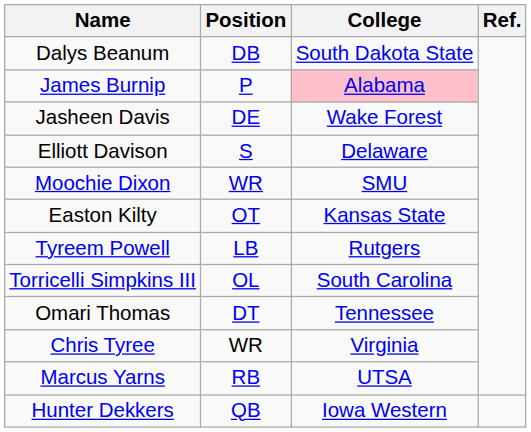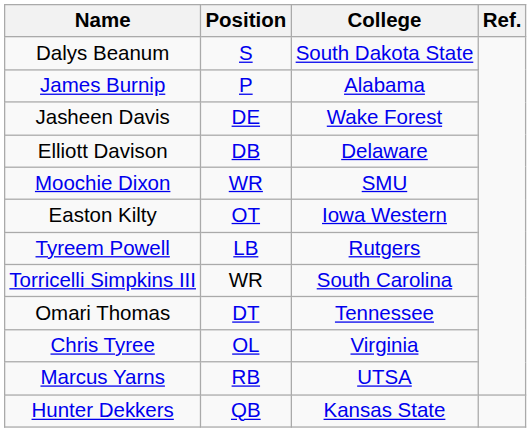 <table class="wikitable" style="text-align:center">
 <tr>
 <th>Name</th>
 <th>Position</th>
 <th>College</th>
 <th>Ref.</th>
 </tr>
 <tr>
 <td>Dalys Beanum</td>
-<td><a href='#'>DB</a></td>
+<td><a href='#'>S</a></td>
 <td><a href='#'>South Dakota State</a></td>
 <td rowspan="11"></td>
 </tr>
 <tr>
 <td><a href='#'>James Burnip</a></td>
 <td><a href='#'>P</a></td>
-<td style="background: pink;"><a href='#'>Alabama</a></td>
+<td><a href='#'>Alabama</a></td>
 </tr>
 <tr>
 <td>Jasheen Davis</td>
 <td><a href='#'>DE</a></td>
 <td><a href='#'>Wake Forest</a></td>
 </tr>
 <tr>
 <td>Elliott Davison</td>
-<td><a href='#'>S</a></td>
+<td><a href='#'>DB</a></td>
 <td><a href='#'>Delaware</a></td>
 </tr>
 <tr>
 <td><a href='#'>Moochie Dixon</a></td>
 <td><a href='#'>WR</a></td>
 <td><a href='#'>SMU</a></td>
 </tr>
 <tr>
 <td>Easton Kilty</td>
 <td><a href='#'>OT</a></td>
-<td><a href='#'>Kansas State</a></td>
+<td><a href='#'>Iowa Western</a></td>
 </tr>
 <tr>
 <td><a href='#'>Tyreem Powell</a></td>
 <td><a href='#'>LB</a></td>
 <td><a href='#'>Rutgers</a></td>
 </tr>
 <tr>
 <td><a href='#'>Torricelli Simpkins III</a></td>
-<td><a href='#'>OL</a></td>
+<td>WR</td>
 <td><a href='#'>South Carolina</a></td>
 </tr>
 <tr>
 <td>Omari Thomas</td>
 <td><a href='#'>DT</a></td>
 <td><a href='#'>Tennessee</a></td>
 </tr>
 <tr>
 <td><a href='#'>Chris Tyree</a></td>
-<td>WR</td>
+<td><a href='#'>OL</a></td>
 <td><a href='#'>Virginia</a></td>
 </tr>
 <tr>
 <td><a href='#'>Marcus Yarns</a></td>
 <td><a href='#'>RB</a></td>
 <td><a href='#'>UTSA</a></td>
 </tr>
 <tr>
 <td><a href='#'>Hunter Dekkers</a></td>
 <td><a href='#'>QB</a></td>
-<td><a href='#'>Iowa Western</a></td>
+<td><a href='#'>Kansas State</a></td>
 <td></td>
 </tr>
 </table>
